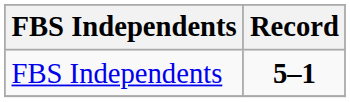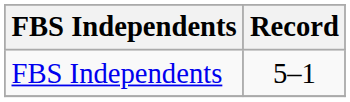 <table class="wikitable">
 <tr>
 <th>FBS Independents</th>
 <th>Record</th>
 </tr>
 <tr>
 <td><a href='#'>FBS Independents</a></td>
-<td align=center><strong>5–1</strong></td>
+<td align=center>5–1</td>
 </tr>
 <tr>
 </tr>
 </table>
